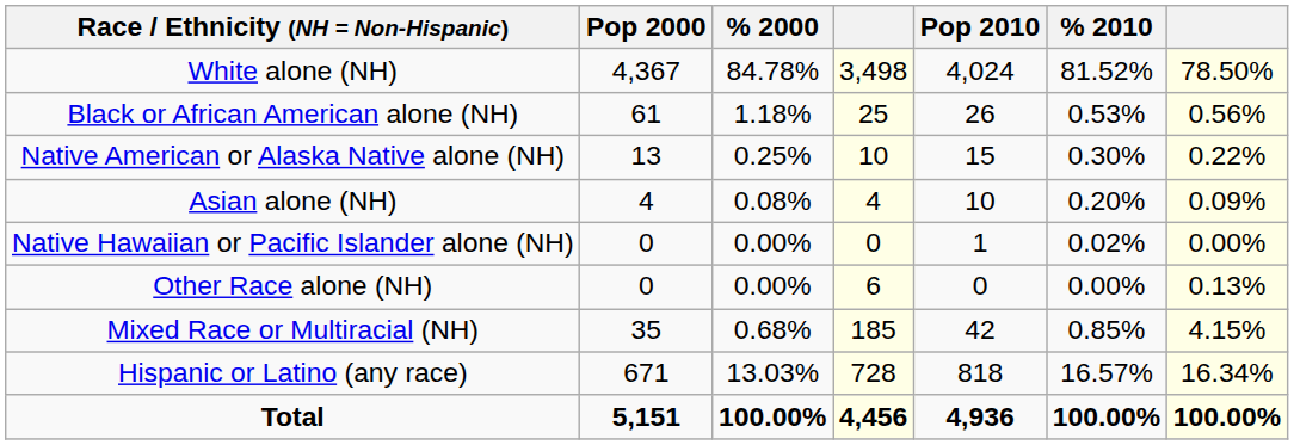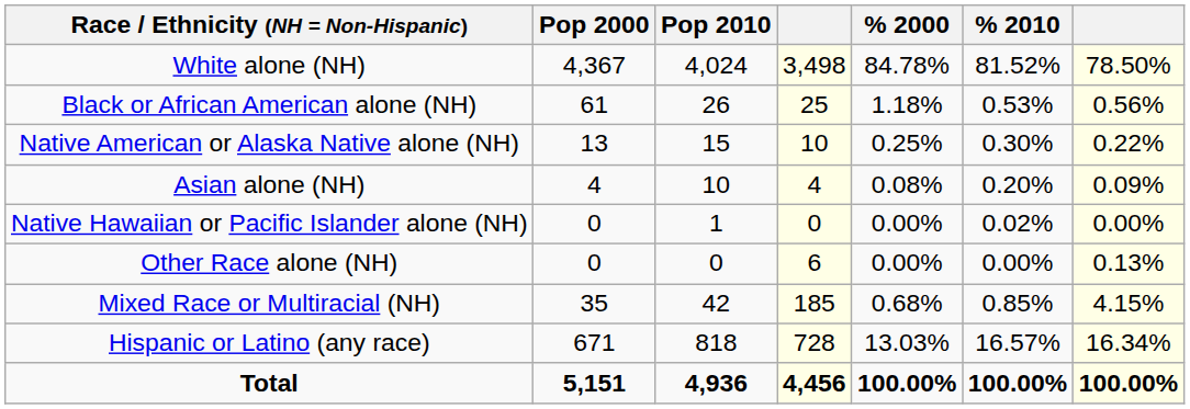 <table class="wikitable" style="text-align:center;">
 <tr>
 <th>Race / Ethnicity <small>(<em>NH = Non-Hispanic</em>)</small></th>
 <th>Pop 2000</th>
+<th>Pop 2010</th>
+<th></th>
 <th>% 2000</th>
-<th></th>
-<th>Pop 2010</th>
 <th>% 2010</th>
 <th></th>
 </tr>
 <tr>
 <td><a href='#'>White</a> alone (NH)</td>
 <td>4,367</td>
+<td>4,024</td>
+<td style='background: #ffffe6;'>3,498</td>
 <td>84.78%</td>
-<td style='background: #ffffe6;'>3,498</td>
-<td>4,024</td>
 <td>81.52%</td>
 <td style='background: #ffffe6;'>78.50%</td>
 </tr>
 <tr>
 <td><a href='#'>Black or African American</a> alone (NH)</td>
 <td>61</td>
+<td>26</td>
+<td style='background: #ffffe6;'>25</td>
 <td>1.18%</td>
-<td style='background: #ffffe6;'>25</td>
-<td>26</td>
 <td>0.53%</td>
 <td style='background: #ffffe6;'>0.56%</td>
 </tr>
 <tr>
 <td><a href='#'>Native American</a> or <a href='#'>Alaska Native</a> alone (NH)</td>
 <td>13</td>
+<td>15</td>
+<td style='background: #ffffe6;'>10</td>
 <td>0.25%</td>
-<td style='background: #ffffe6;'>10</td>
-<td>15</td>
 <td>0.30%</td>
 <td style='background: #ffffe6;'>0.22%</td>
 </tr>
 <tr>
 <td><a href='#'>Asian</a> alone (NH)</td>
 <td>4</td>
+<td>10</td>
+<td style='background: #ffffe6;'>4</td>
 <td>0.08%</td>
-<td style='background: #ffffe6;'>4</td>
-<td>10</td>
 <td>0.20%</td>
 <td style='background: #ffffe6;'>0.09%</td>
 </tr>
 <tr>
 <td><a href='#'>Native Hawaiian</a> or <a href='#'>Pacific Islander</a> alone (NH)</td>
 <td>0</td>
+<td>1</td>
+<td style='background: #ffffe6;'>0</td>
 <td>0.00%</td>
-<td style='background: #ffffe6;'>0</td>
-<td>1</td>
 <td>0.02%</td>
 <td style='background: #ffffe6;'>0.00%</td>
 </tr>
 <tr>
 <td><a href='#'>Other Race</a> alone (NH)</td>
 <td>0</td>
+<td>0</td>
+<td style='background: #ffffe6;'>6</td>
 <td>0.00%</td>
-<td style='background: #ffffe6;'>6</td>
-<td>0</td>
 <td>0.00%</td>
 <td style='background: #ffffe6;'>0.13%</td>
 </tr>
 <tr>
 <td><a href='#'>Mixed Race or Multiracial</a> (NH)</td>
 <td>35</td>
+<td>42</td>
+<td style='background: #ffffe6;'>185</td>
 <td>0.68%</td>
-<td style='background: #ffffe6;'>185</td>
-<td>42</td>
 <td>0.85%</td>
 <td style='background: #ffffe6;'>4.15%</td>
 </tr>
 <tr>
 <td><a href='#'>Hispanic or Latino</a> (any race)</td>
 <td>671</td>
+<td>818</td>
+<td style='background: #ffffe6;'>728</td>
 <td>13.03%</td>
-<td style='background: #ffffe6;'>728</td>
-<td>818</td>
 <td>16.57%</td>
 <td style='background: #ffffe6;'>16.34%</td>
 </tr>
 <tr>
 <td><strong>Total</strong></td>
 <td><strong>5,151</strong></td>
+<td><strong>4,936</strong></td>
+<td style='background: #ffffe6;'><strong>4,456</strong></td>
 <td><strong>100.00%</strong></td>
-<td style='background: #ffffe6;'><strong>4,456</strong></td>
-<td><strong>4,936</strong></td>
 <td><strong>100.00%</strong></td>
 <td style='background: #ffffe6;'><strong>100.00%</strong></td>
 </tr>
 </table>
